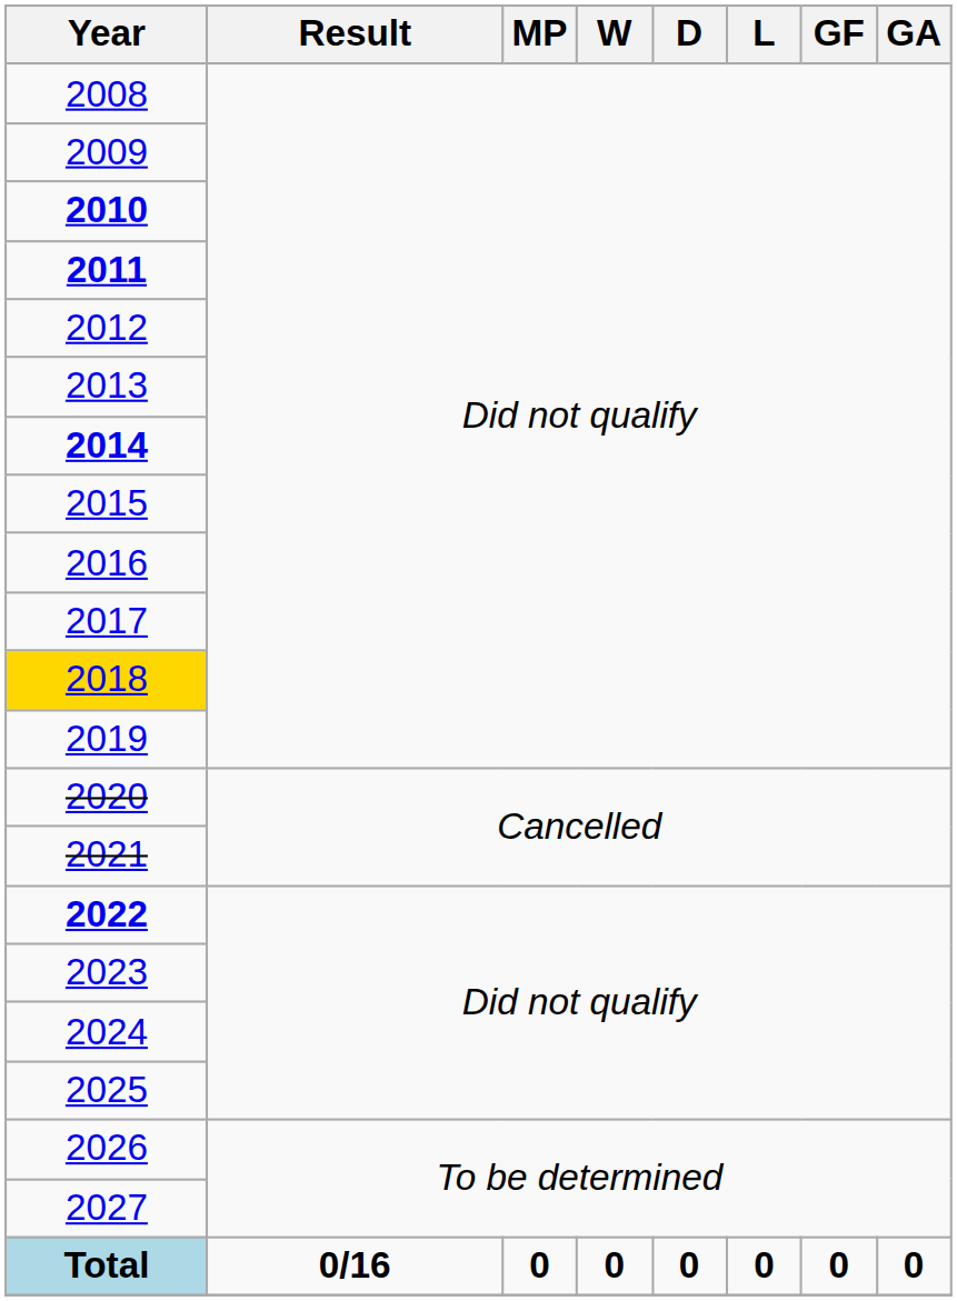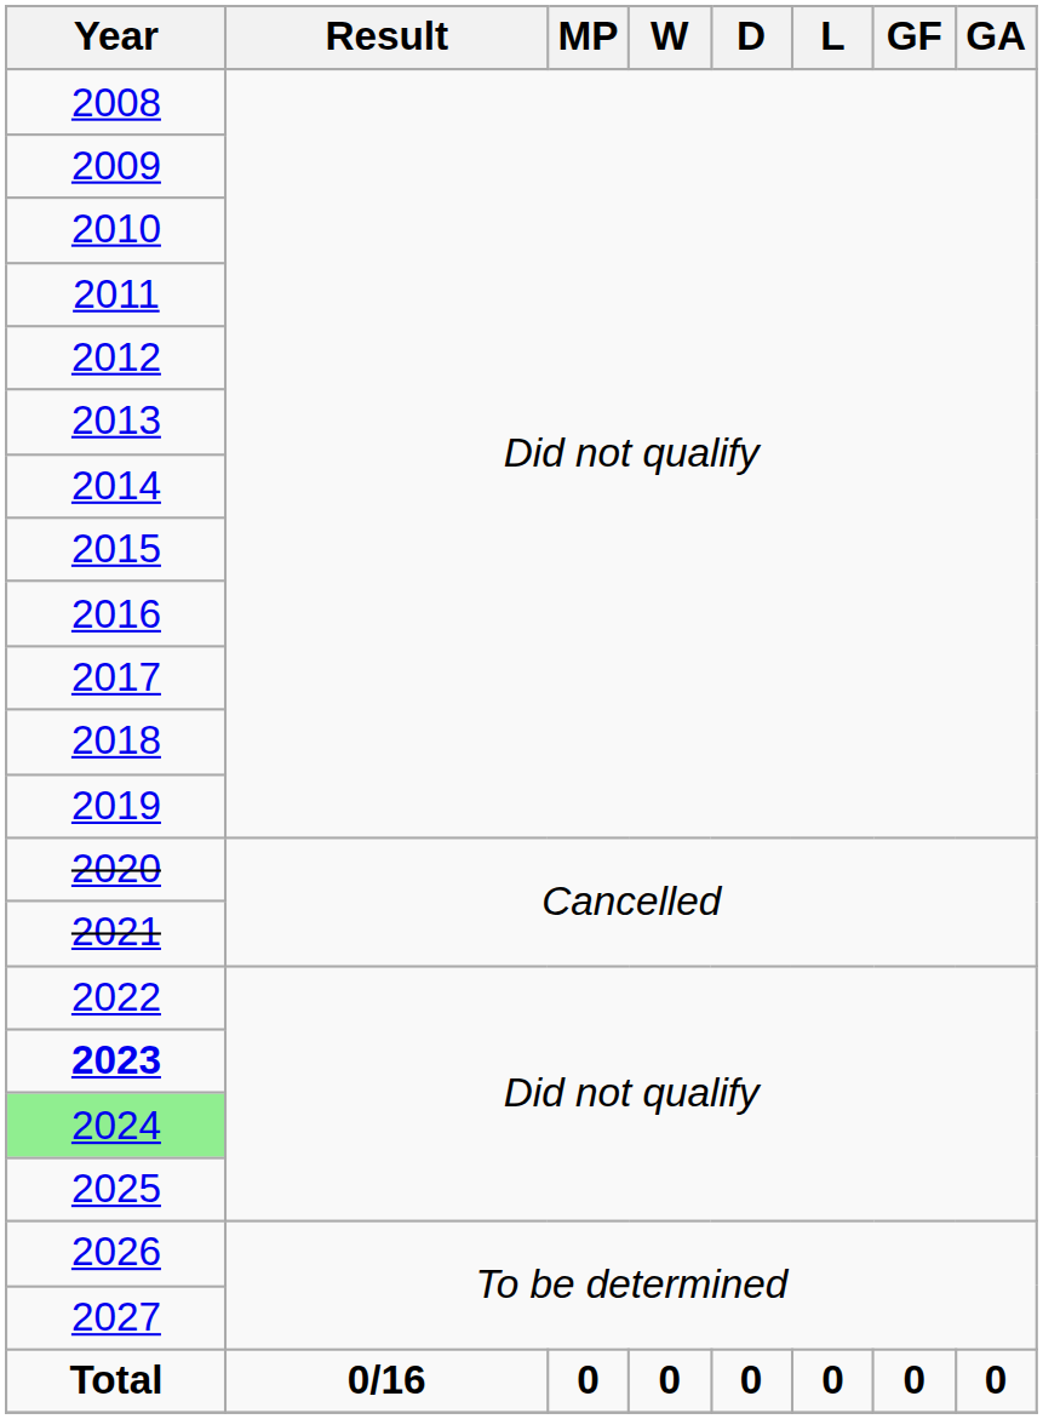 <table class="wikitable" style="text-align: center;">
 <tr>
 <th width=80>Year</th>
 <th width=120>Result</th>
 <th width=25>MP</th>
 <th width=25>W</th>
 <th width=25>D</th>
 <th width=25>L</th>
 <th width=25>GF</th>
 <th width=25>GA</th>
 </tr>
 <tr>
 <td> <a href='#'>2008</a></td>
 <td colspan=8 rowspan=12><em>Did not qualify</em></td>
 </tr>
 <tr>
 <td> <a href='#'>2009</a></td>
 </tr>
 <tr>
-<td><strong> <a href='#'>2010</a></strong></td>
+<td> <a href='#'>2010</a></td>
 </tr>
 <tr>
-<td><strong> <a href='#'>2011</a></strong></td>
+<td> <a href='#'>2011</a></td>
 </tr>
 <tr>
 <td> <a href='#'>2012</a></td>
 </tr>
 <tr>
 <td> <a href='#'>2013</a></td>
 </tr>
 <tr>
-<td><strong> <a href='#'>2014</a></strong></td>
+<td> <a href='#'>2014</a></td>
 </tr>
 <tr>
 <td> <a href='#'>2015</a></td>
 </tr>
 <tr>
 <td> <a href='#'>2016</a></td>
 </tr>
 <tr>
 <td> <a href='#'>2017</a></td>
 </tr>
 <tr>
-<td style="background: gold;"> <a href='#'>2018</a></td>
+<td> <a href='#'>2018</a></td>
 </tr>
 <tr>
 <td> <a href='#'>2019</a></td>
 </tr>
 <tr>
 <td> <s><a href='#'>2020</a></s></td>
 <td colspan=8 rowspan=2><em>Cancelled</em></td>
 </tr>
 <tr>
 <td> <s><a href='#'>2021</a></s></td>
 </tr>
 <tr>
-<td><strong> <a href='#'>2022</a></strong></td>
+<td> <a href='#'>2022</a></td>
 <td colspan=8 rowspan=4><em>Did not qualify</em></td>
 </tr>
 <tr>
-<td> <a href='#'>2023</a></td>
+<td><strong> <a href='#'>2023</a></strong></td>
 </tr>
 <tr>
-<td> <a href='#'>2024</a></td>
+<td style="background: lightgreen;"> <a href='#'>2024</a></td>
 </tr>
 <tr>
 <td> <a href='#'>2025</a></td>
 </tr>
 <tr>
 <td> <a href='#'>2026</a></td>
 <td colspan=8 rowspan=2><em>To be determined</em></td>
 </tr>
 <tr>
 <td> <a href='#'>2027</a></td>
 </tr>
 <tr>
-<td style="background: lightblue;"><strong>Total</strong></td>
+<td><strong>Total</strong></td>
 <td><strong>0/16</strong></td>
 <td><strong>0</strong></td>
 <td><strong>0</strong></td>
 <td><strong>0</strong></td>
 <td><strong>0</strong></td>
 <td><strong>0</strong></td>
 <td><strong>0</strong></td>
 </tr>
 <tr>
 </tr>
 </table>
